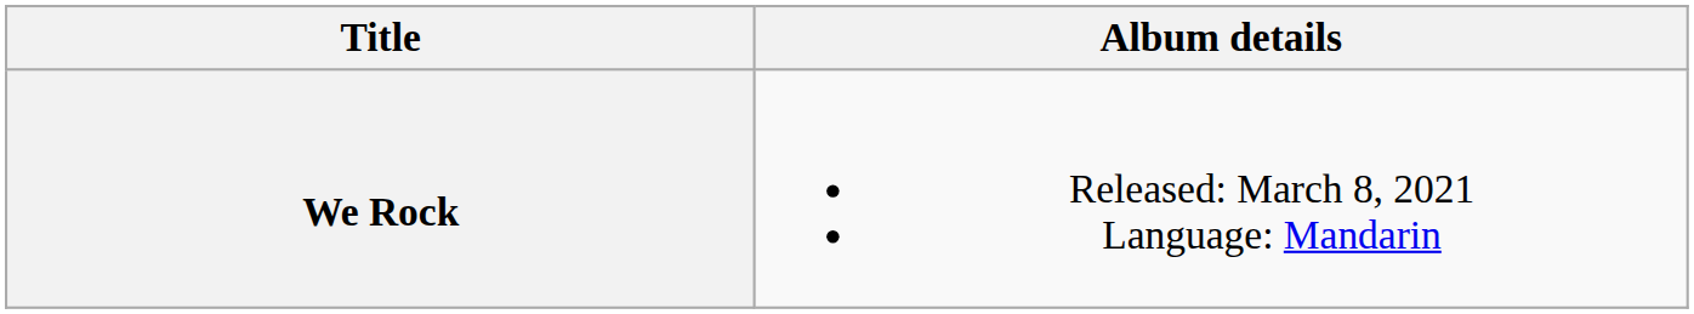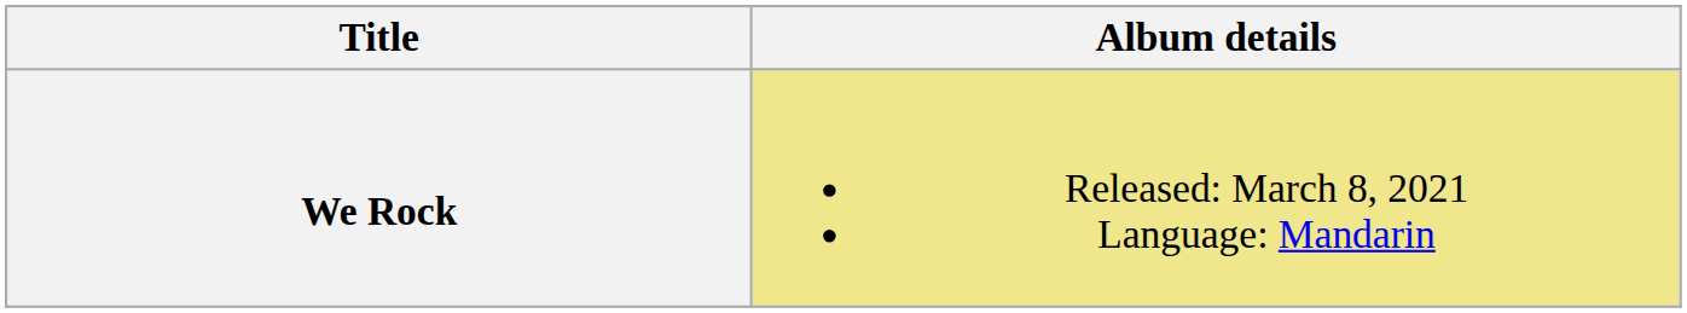 <table class="wikitable plainrowheaders" style="text-align:center;">
 <tr>
 <th scope="col" style="width:18em;">Title</th>
 <th scope="col" style="width:360px;">Album details</th>
 </tr>
 <tr>
 <th rowspan="1" scope="row"><br>We Rock</th>
-<td><br><ul><li>Released: March 8, 2021</li><li>Language: <a href='#'>Mandarin</a></li></ul></td>
+<td style="background: khaki;"><br><ul><li>Released: March 8, 2021</li><li>Language: <a href='#'>Mandarin</a></li></ul></td>
 </tr>
 </table>
